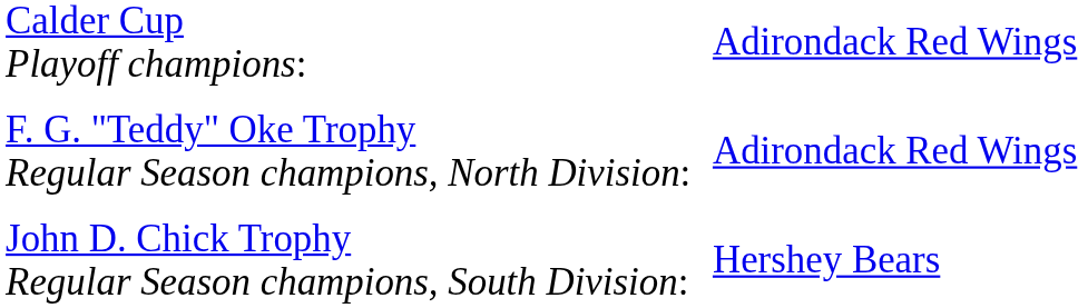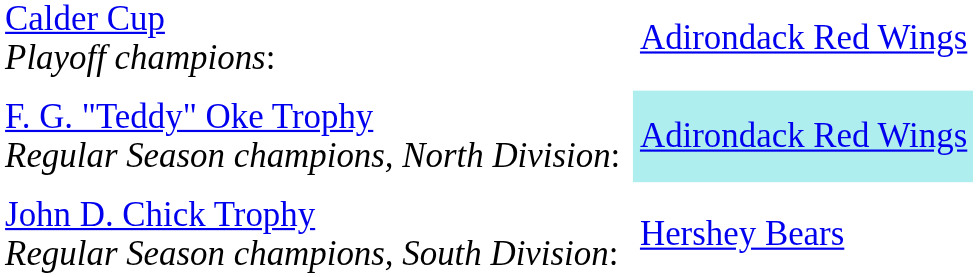 <table cellpadding="3" cellspacing="3">
 <tr>
 <td><a href='#'>Calder Cup</a><br><em>Playoff champions</em>:</td>
 <td><a href='#'>Adirondack Red Wings</a></td>
 </tr>
 <tr>
 <td><a href='#'>F. G. "Teddy" Oke Trophy</a><br><em>Regular Season champions, North Division</em>:</td>
-<td><a href='#'>Adirondack Red Wings</a></td>
+<td style="background: paleturquoise;"><a href='#'>Adirondack Red Wings</a></td>
 </tr>
 <tr>
 <td><a href='#'>John D. Chick Trophy</a><br><em>Regular Season champions, South Division</em>:</td>
 <td><a href='#'>Hershey Bears</a></td>
 </tr>
 </table>
